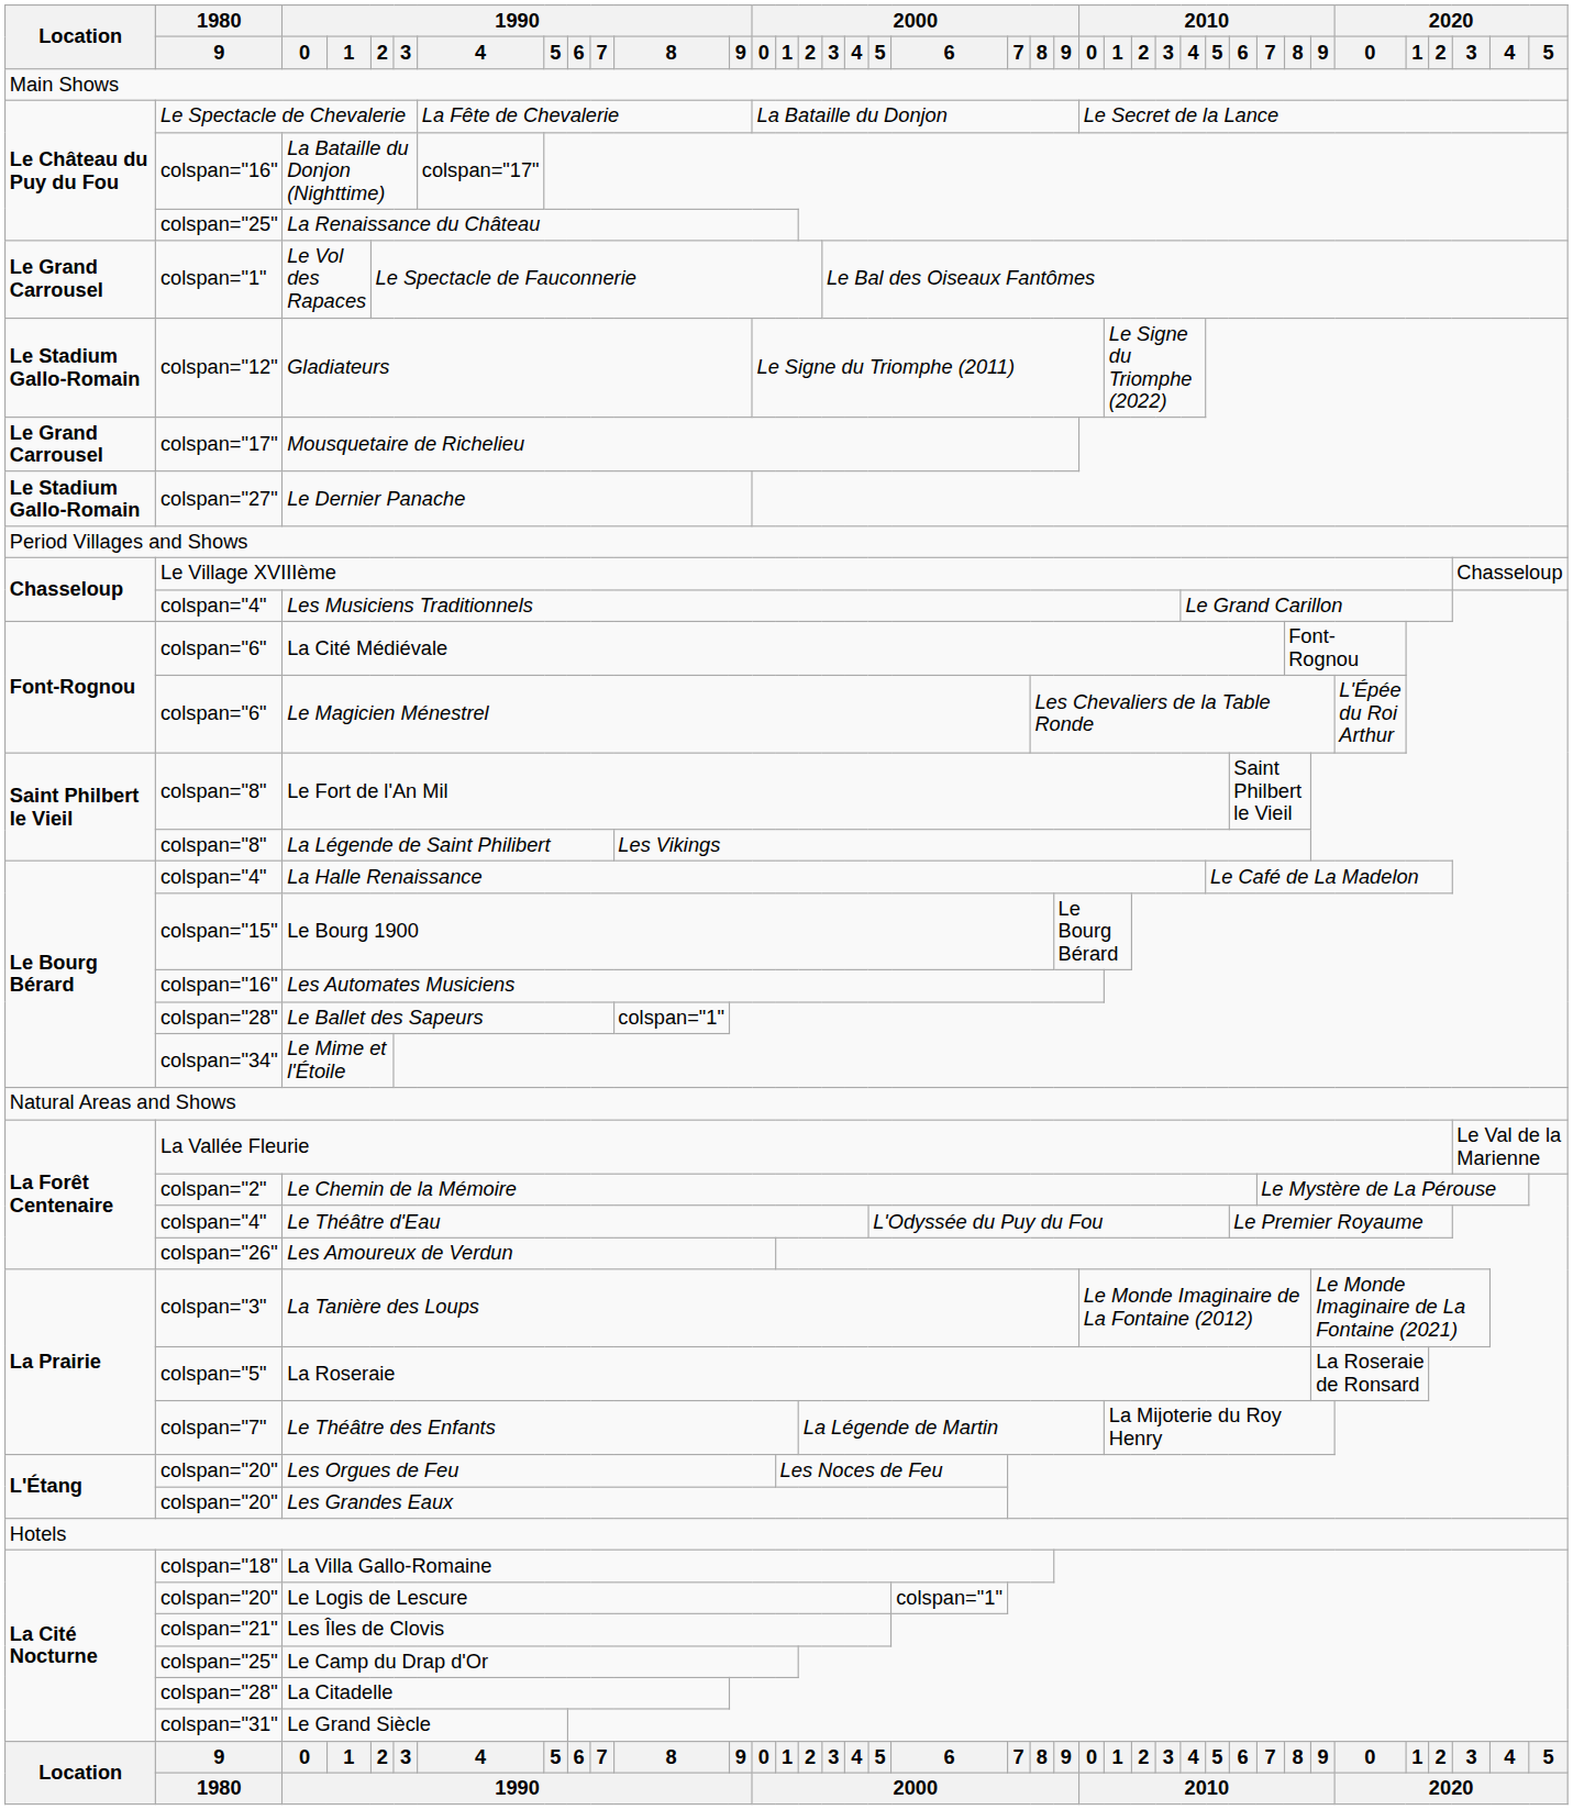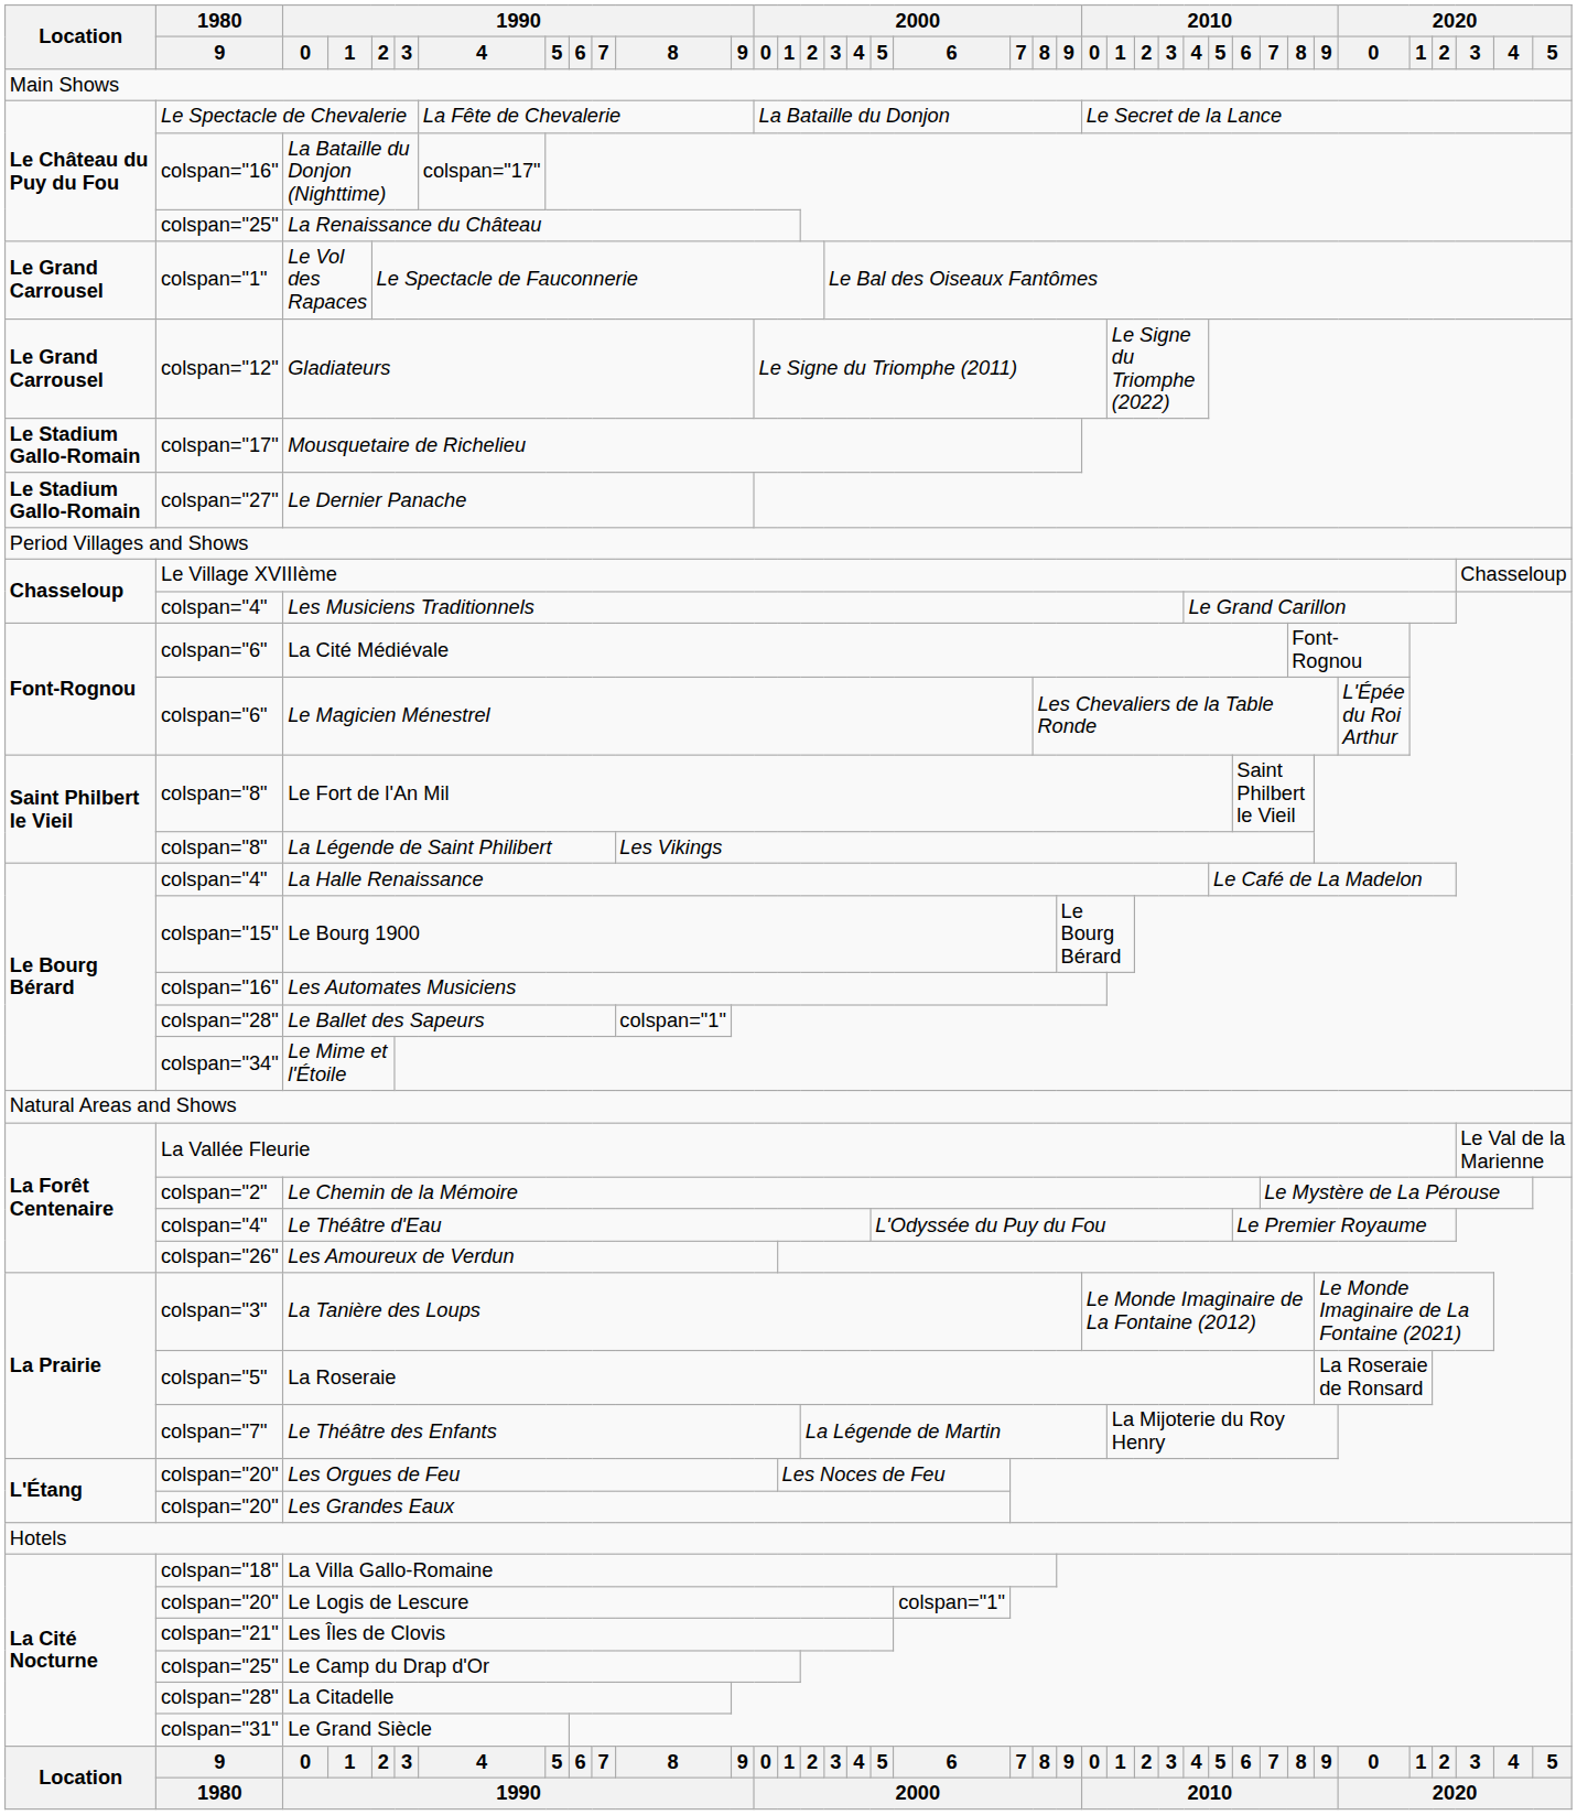 <table class="wikitable">
 <tr>
 <th rowspan=2 style="width:200px;">Location</th>
 <th colspan=1>1980</th>
 <th colspan=10>1990</th>
 <th colspan=10>2000</th>
 <th colspan=10>2010</th>
 <th colspan=6>2020</th>
 </tr>
 <tr>
 <th style="width:20px;">9</th>
 <th style="width:20px;">0</th>
 <th style="width:20px;">1</th>
 <th style="width:20px;">2</th>
 <th style="width:20px;">3</th>
 <th style="width:20px;">4</th>
 <th style="width:20px;">5</th>
 <th style="width:20px;">6</th>
 <th style="width:20px;">7</th>
 <th style="width:20px;">8</th>
 <th style="width:20px;">9</th>
 <th style="width:20px;">0</th>
 <th style="width:20px;">1</th>
 <th style="width:20px;">2</th>
 <th style="width:20px;">3</th>
 <th style="width:20px;">4</th>
 <th style="width:20px;">5</th>
 <th style="width:20px;">6</th>
 <th style="width:20px;">7</th>
 <th style="width:20px;">8</th>
 <th style="width:20px;">9</th>
 <th style="width:20px;">0</th>
 <th style="width:20px;">1</th>
 <th style="width:20px;">2</th>
 <th style="width:20px;">3</th>
 <th style="width:20px;">4</th>
 <th style="width:20px;">5</th>
 <th style="width:20px;">6</th>
 <th style="width:20px;">7</th>
 <th style="width:20px;">8</th>
 <th style="width:20px;">9</th>
 <th style="width:20px;">0</th>
 <th style="width:20px;">1</th>
 <th style="width:20px;">2</th>
 <th style="width:20px;">3</th>
 <th style="width:20px;">4</th>
 <th style="width:20px;">5</th>
 </tr>
 <tr>
 <td colspan="38" >Main Shows</td>
 </tr>
 <tr>
 <td rowspan="3"><strong>Le Château du Puy du Fou</strong></td>
 <td colspan="5"><em>Le Spectacle de Chevalerie</em></td>
 <td colspan="6"><em>La Fête de Chevalerie</em></td>
 <td colspan="10"><em>La Bataille du Donjon</em></td>
 <td colspan="16"><em>Le Secret de la Lance</em></td>
 </tr>
 <tr>
 <td>colspan="16" </td>
 <td colspan="4"><em>La Bataille du Donjon (Nighttime)</em></td>
 <td>colspan="17" </td>
 </tr>
 <tr>
 <td>colspan="25" </td>
 <td colspan="12"><em>La Renaissance du Château</em></td>
 </tr>
 <tr>
 <td><strong>Le Grand Carrousel</strong></td>
 <td>colspan="1" </td>
 <td colspan="2"><em>Le Vol des Rapaces</em></td>
 <td colspan="11"><em>Le Spectacle de Fauconnerie</em></td>
 <td colspan="23"><em>Le Bal des Oiseaux Fantômes</em></td>
 </tr>
 <tr>
-<td><strong>Le Stadium Gallo-Romain</strong></td>
+<td><strong>Le Grand Carrousel</strong></td>
 <td>colspan="12" </td>
 <td colspan="10"><em>Gladiateurs</em></td>
 <td colspan="11"><em>Le Signe du Triomphe (2011)</em></td>
 <td colspan="4"><em>Le Signe du Triomphe (2022)</em></td>
 </tr>
 <tr>
-<td><strong>Le Grand Carrousel</strong></td>
+<td><strong>Le Stadium Gallo-Romain</strong></td>
 <td>colspan="17" </td>
 <td colspan="20"><em>Mousquetaire de Richelieu</em></td>
 </tr>
 <tr>
 <td><strong>Le Stadium Gallo-Romain</strong></td>
 <td>colspan="27" </td>
 <td colspan="10"><em>Le Dernier Panache</em></td>
 </tr>
 <tr>
 <td colspan="38" >Period Villages and Shows</td>
 </tr>
 <tr>
 <td rowspan="2"><strong>Chasseloup</strong></td>
 <td colspan="34">Le Village XVIIIème</td>
 <td colspan="3">Chasseloup</td>
 </tr>
 <tr>
 <td>colspan="4" </td>
 <td colspan="24"><em>Les Musiciens Traditionnels</em></td>
 <td colspan="9"><em>Le Grand Carillon</em></td>
 </tr>
 <tr>
 <td rowspan="2"><strong>Font-Rognou</strong></td>
 <td>colspan="6" </td>
 <td colspan="28">La Cité Médiévale</td>
 <td colspan="3">Font-Rognou</td>
 </tr>
 <tr>
 <td>colspan="6" </td>
 <td colspan="18"><em>Le Magicien Ménestrel</em></td>
 <td colspan="12"><em>Les Chevaliers de la Table Ronde</em></td>
 <td colspan="1"><em>L'Épée du Roi Arthur</em></td>
 </tr>
 <tr>
 <td rowspan="2"><strong>Saint Philbert le Vieil</strong></td>
 <td>colspan="8" </td>
 <td colspan="26">Le Fort de l'An Mil</td>
 <td colspan="3">Saint Philbert le Vieil</td>
 </tr>
 <tr>
 <td>colspan="8" </td>
 <td colspan="8"><em>La Légende de Saint Philibert</em></td>
 <td colspan="21"><em>Les Vikings</em></td>
 </tr>
 <tr>
 <td rowspan="5"><strong>Le Bourg Bérard</strong></td>
 <td>colspan="4" </td>
 <td colspan="25"><em>La Halle Renaissance</em></td>
 <td colspan="8"><em>Le Café de La Madelon</em></td>
 </tr>
 <tr>
 <td>colspan="15" </td>
 <td colspan="19">Le Bourg 1900</td>
 <td colspan="3">Le Bourg Bérard</td>
 </tr>
 <tr>
 <td>colspan="16" </td>
 <td colspan="21"><em>Les Automates Musiciens</em></td>
 </tr>
 <tr>
 <td>colspan="28" </td>
 <td colspan="8"><em>Le Ballet des Sapeurs</em></td>
 <td>colspan="1" </td>
 </tr>
 <tr>
 <td>colspan="34" </td>
 <td colspan="3"><em>Le Mime et l'Étoile</em></td>
 </tr>
 <tr>
 <td colspan="38" >Natural Areas and Shows</td>
 </tr>
 <tr>
 <td rowspan="4"><strong>La Forêt Centenaire</strong></td>
 <td colspan="34">La Vallée Fleurie</td>
 <td colspan="3">Le Val de la Marienne</td>
 </tr>
 <tr>
 <td>colspan="2" </td>
 <td colspan="27"><em>Le Chemin de la Mémoire</em></td>
 <td colspan="8"><em>Le Mystère de La Pérouse</em></td>
 </tr>
 <tr>
 <td>colspan="4" </td>
 <td colspan="15"><em>Le Théâtre d'Eau</em></td>
 <td colspan="11"><em>L'Odyssée du Puy du Fou</em></td>
 <td colspan="7"><em>Le Premier Royaume</em></td>
 </tr>
 <tr>
 <td>colspan="26" </td>
 <td colspan="11"><em>Les Amoureux de Verdun</em></td>
 </tr>
 <tr>
 <td rowspan="3"><strong>La Prairie</strong></td>
 <td>colspan="3" </td>
 <td colspan="20"><em>La Tanière des Loups</em></td>
 <td colspan="9"><em>Le Monde Imaginaire de La Fontaine (2012)</em></td>
 <td colspan="5"><em>Le Monde Imaginaire de La Fontaine (2021)</em></td>
 </tr>
 <tr>
 <td>colspan="5" </td>
 <td colspan="29">La Roseraie</td>
 <td colspan="3">La Roseraie de Ronsard</td>
 </tr>
 <tr>
 <td>colspan="7" </td>
 <td colspan="12"><em>Le Théâtre des Enfants</em></td>
 <td colspan="9"><em>La Légende de Martin</em></td>
 <td colspan="9">La Mijoterie du Roy Henry</td>
 </tr>
 <tr>
 <td rowspan="2"><strong>L'Étang</strong></td>
 <td>colspan="20" </td>
 <td colspan="11"><em>Les Orgues de Feu</em></td>
 <td colspan="6"><em>Les Noces de Feu</em></td>
 </tr>
 <tr>
 <td>colspan="20" </td>
 <td colspan="17"><em>Les Grandes Eaux</em></td>
 </tr>
 <tr>
 <td colspan="38" >Hotels</td>
 </tr>
 <tr>
 <td rowspan="6"><strong>La Cité Nocturne</strong></td>
 <td>colspan="18" </td>
 <td colspan="19">La Villa Gallo-Romaine</td>
 </tr>
 <tr>
 <td>colspan="20" </td>
 <td colspan="16">Le Logis de Lescure</td>
 <td>colspan="1" </td>
 </tr>
 <tr>
 <td>colspan="21" </td>
 <td colspan="16">Les Îles de Clovis</td>
 </tr>
 <tr>
 <td>colspan="25" </td>
 <td colspan="12">Le Camp du Drap d'Or</td>
 </tr>
 <tr>
 <td>colspan="28" </td>
 <td colspan="9">La Citadelle</td>
 </tr>
 <tr>
 <td>colspan="31" </td>
 <td colspan="6">Le Grand Siècle</td>
 </tr>
 <tr>
 <th rowspan=2 style="width:200px;">Location</th>
 <th style="width:20px;">9</th>
 <th style="width:20px;">0</th>
 <th style="width:20px;">1</th>
 <th style="width:20px;">2</th>
 <th style="width:20px;">3</th>
 <th style="width:20px;">4</th>
 <th style="width:20px;">5</th>
 <th style="width:20px;">6</th>
 <th style="width:20px;">7</th>
 <th style="width:20px;">8</th>
 <th style="width:20px;">9</th>
 <th style="width:20px;">0</th>
 <th style="width:20px;">1</th>
 <th style="width:20px;">2</th>
 <th style="width:20px;">3</th>
 <th style="width:20px;">4</th>
 <th style="width:20px;">5</th>
 <th style="width:20px;">6</th>
 <th style="width:20px;">7</th>
 <th style="width:20px;">8</th>
 <th style="width:20px;">9</th>
 <th style="width:20px;">0</th>
 <th style="width:20px;">1</th>
 <th style="width:20px;">2</th>
 <th style="width:20px;">3</th>
 <th style="width:20px;">4</th>
 <th style="width:20px;">5</th>
 <th style="width:20px;">6</th>
 <th style="width:20px;">7</th>
 <th style="width:20px;">8</th>
 <th style="width:20px;">9</th>
 <th style="width:20px;">0</th>
 <th style="width:20px;">1</th>
 <th style="width:20px;">2</th>
 <th style="width:20px;">3</th>
 <th style="width:20px;">4</th>
 <th style="width:20px;">5</th>
 </tr>
 <tr>
 <th colspan=1>1980</th>
 <th colspan=10>1990</th>
 <th colspan=10>2000</th>
 <th colspan=10>2010</th>
 <th colspan=6>2020</th>
 </tr>
 </table>
